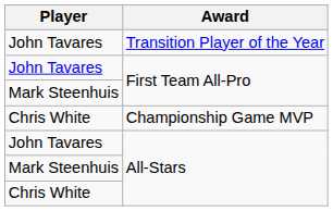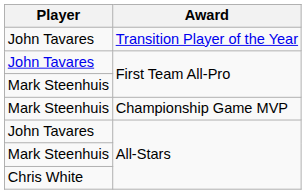 <table class="wikitable">
 <tr>
 <th>Player</th>
 <th>Award</th>
 </tr>
 <tr>
 <td>John Tavares</td>
 <td><a href='#'>Transition Player of the Year</a></td>
 </tr>
 <tr>
 <td><a href='#'>John Tavares</a></td>
 <td rowspan=2>First Team All-Pro</td>
 </tr>
 <tr>
 <td>Mark Steenhuis</td>
 </tr>
 <tr>
-<td>Chris White</td>
+<td>Mark Steenhuis</td>
 <td>Championship Game MVP</td>
 </tr>
 <tr>
 <td>John Tavares</td>
 <td rowspan=3>All-Stars</td>
 </tr>
 <tr>
 <td>Mark Steenhuis</td>
 </tr>
 <tr>
 <td>Chris White</td>
 </tr>
 </table>
